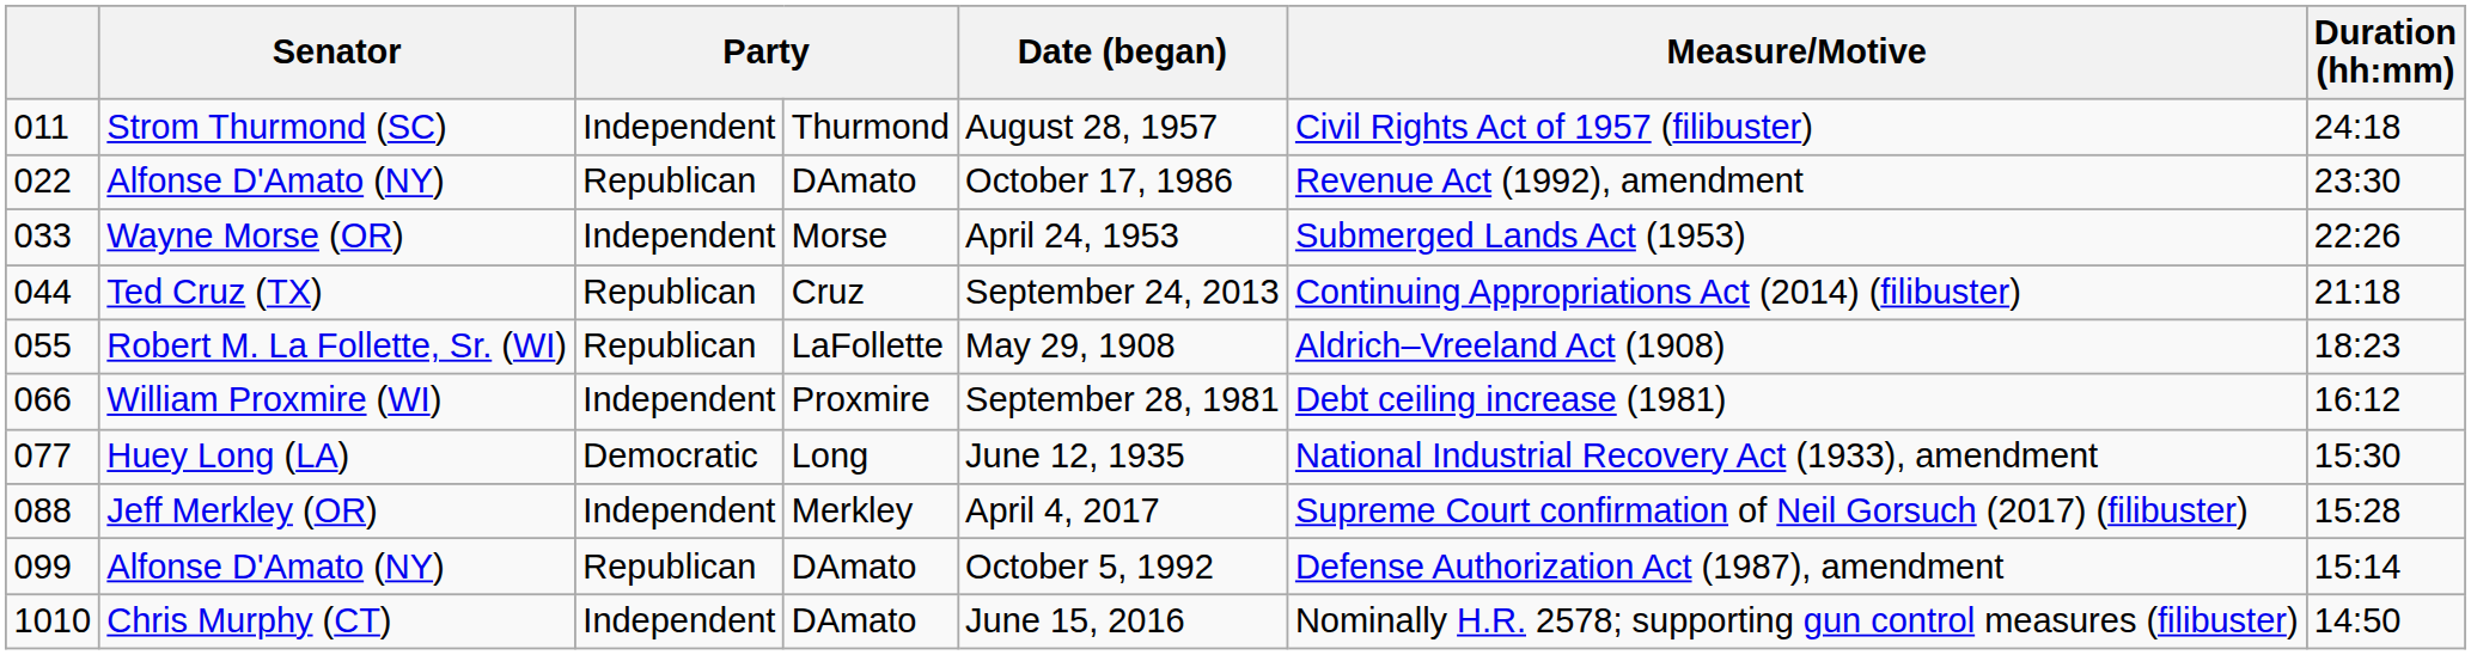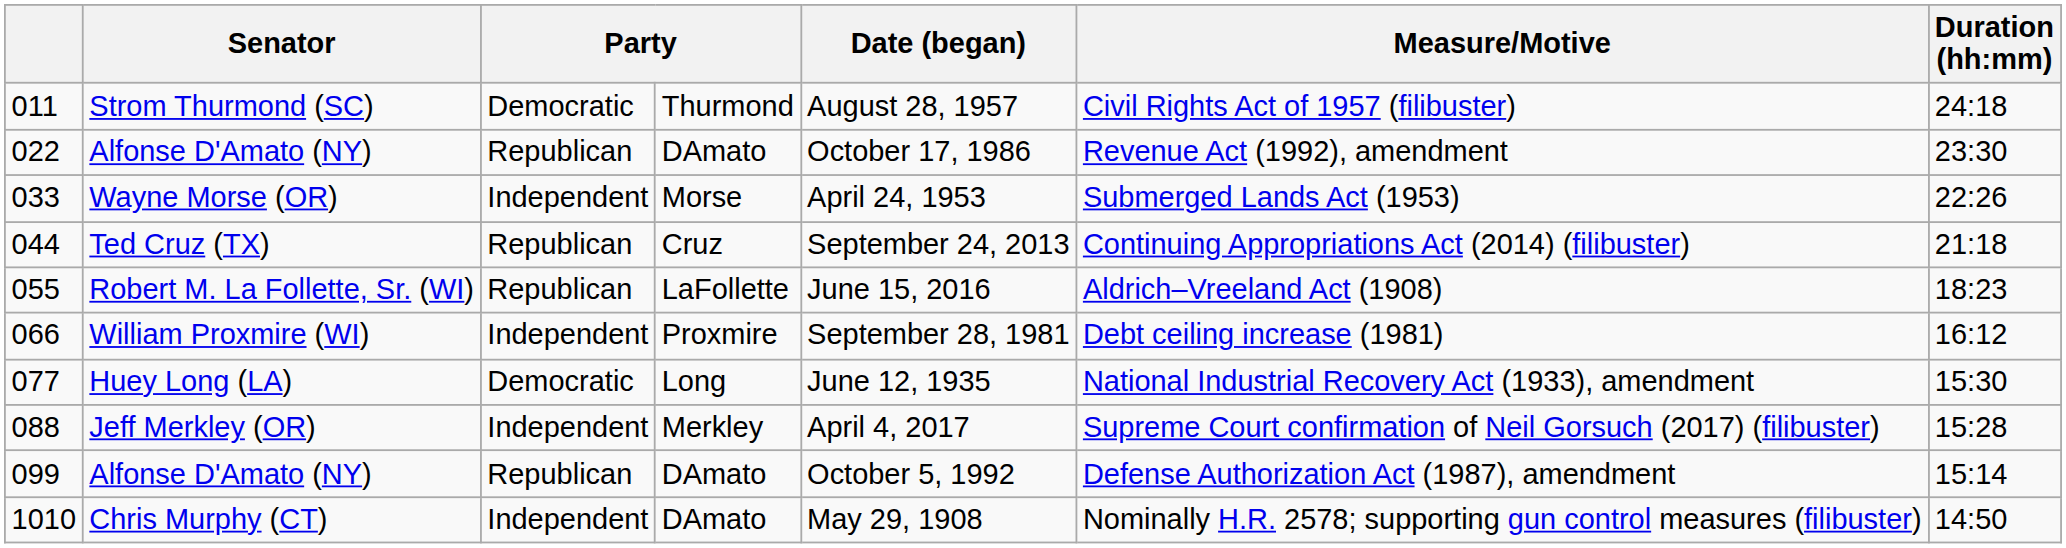 <table class="wikitable sortable" style=font-size:100%>
 <tr>
 <th></th>
 <th>Senator</th>
 <th colspan="2">Party</th>
 <th>Date (began)</th>
 <th>Measure/Motive</th>
 <th>Duration<br>(hh:mm)</th>
 </tr>
 <tr>
 <td><span>01</span>1</td>
 <td><a href='#'>Strom Thurmond</a> (<a href='#'>SC</a>)</td>
-<td>Independent</td>
+<td>Democratic</td>
 <td style="background:"><span>Thurmond</span></td>
 <td>August 28, 1957</td>
 <td><a href='#'>Civil Rights Act of 1957</a> (<a href='#'>filibuster</a>)</td>
 <td>24:18</td>
 </tr>
 <tr>
 <td><span>02</span>2</td>
 <td><a href='#'>Alfonse D'Amato</a> (<a href='#'>NY</a>)</td>
 <td>Republican</td>
 <td style="background:"><span>DAmato</span></td>
 <td>October 17, 1986</td>
 <td><a href='#'>Revenue Act</a> (1992), amendment</td>
 <td>23:30</td>
 </tr>
 <tr>
 <td><span>03</span>3</td>
 <td><a href='#'>Wayne Morse</a> (<a href='#'>OR</a>)</td>
 <td>Independent</td>
 <td style="background:"><span>Morse</span></td>
 <td>April 24, 1953</td>
 <td><a href='#'>Submerged Lands Act</a> (1953)</td>
 <td>22:26</td>
 </tr>
 <tr>
 <td><span>04</span>4</td>
 <td><a href='#'>Ted Cruz</a> (<a href='#'>TX</a>)</td>
 <td>Republican</td>
 <td style="background:"><span>Cruz</span></td>
 <td>September 24, 2013</td>
 <td><a href='#'>Continuing Appropriations Act</a> (2014) (<a href='#'>filibuster</a>)</td>
 <td>21:18</td>
 </tr>
 <tr>
 <td><span>05</span>5</td>
 <td><a href='#'>Robert M. La Follette, Sr.</a> (<a href='#'>WI</a>)</td>
 <td>Republican</td>
 <td style="background:"><span>LaFollette</span></td>
-<td>May 29, 1908</td>
+<td>June 15, 2016</td>
 <td><a href='#'>Aldrich–Vreeland Act</a> (1908)</td>
 <td>18:23</td>
 </tr>
 <tr>
 <td><span>06</span>6</td>
 <td><a href='#'>William Proxmire</a> (<a href='#'>WI</a>)</td>
 <td>Independent</td>
 <td style="background:"><span>Proxmire</span></td>
 <td>September 28, 1981</td>
 <td><a href='#'>Debt ceiling increase</a> (1981)</td>
 <td>16:12</td>
 </tr>
 <tr>
 <td><span>07</span>7</td>
 <td><a href='#'>Huey Long</a> (<a href='#'>LA</a>)</td>
 <td>Democratic</td>
 <td style="background:"><span>Long</span></td>
 <td>June 12, 1935</td>
 <td><a href='#'>National Industrial Recovery Act</a> (1933), amendment</td>
 <td>15:30</td>
 </tr>
 <tr>
 <td><span>08</span>8</td>
 <td><a href='#'>Jeff Merkley</a> (<a href='#'>OR</a>)</td>
 <td>Independent</td>
 <td style="background:"><span>Merkley</span></td>
 <td>April 4, 2017</td>
 <td><a href='#'>Supreme Court confirmation</a> of <a href='#'>Neil Gorsuch</a> (2017) (<a href='#'>filibuster</a>)</td>
 <td [>15:28</td>
 </tr>
 <tr>
 <td><span>09</span>9</td>
 <td><a href='#'>Alfonse D'Amato</a> (<a href='#'>NY</a>)</td>
 <td>Republican</td>
 <td style="background:"><span>DAmato</span></td>
 <td>October 5, 1992</td>
 <td><a href='#'>Defense Authorization Act</a> (1987), amendment</td>
 <td>15:14</td>
 </tr>
 <tr>
 <td><span>10</span>10</td>
 <td><a href='#'>Chris Murphy</a> (<a href='#'>CT</a>)</td>
 <td>Independent</td>
 <td style="background:"><span>DAmato</span></td>
-<td>June 15, 2016</td>
+<td>May 29, 1908</td>
 <td>Nominally <a href='#'>H.R.</a> 2578; supporting <a href='#'>gun control</a> measures (<a href='#'>filibuster</a>)</td>
 <td>14:50</td>
 </tr>
 </table>
